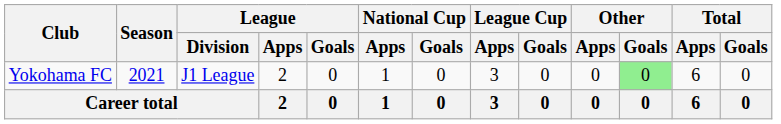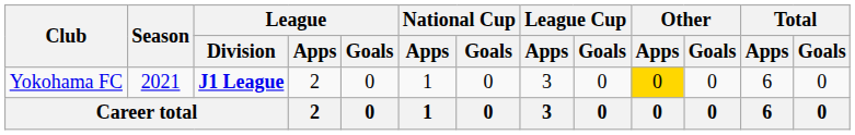 <table class="wikitable" style="text-align: center">
 <tr>
 <th rowspan="2">Club</th>
 <th rowspan="2">Season</th>
 <th colspan="3">League</th>
 <th colspan="2">National Cup</th>
 <th colspan="2">League Cup</th>
 <th colspan="2">Other</th>
 <th colspan="2">Total</th>
 </tr>
 <tr>
 <th>Division</th>
 <th>Apps</th>
 <th>Goals</th>
 <th>Apps</th>
 <th>Goals</th>
 <th>Apps</th>
 <th>Goals</th>
 <th>Apps</th>
 <th>Goals</th>
 <th>Apps</th>
 <th>Goals</th>
 </tr>
 <tr>
 <td><a href='#'>Yokohama FC</a></td>
 <td><a href='#'>2021</a></td>
-<td><a href='#'>J1 League</a></td>
+<td><strong><a href='#'>J1 League</a></strong></td>
 <td>2</td>
 <td>0</td>
 <td>1</td>
 <td>0</td>
 <td>3</td>
 <td>0</td>
+<td style="background: gold;">0</td>
 <td>0</td>
-<td style="background: lightgreen;">0</td>
 <td>6</td>
 <td>0</td>
 </tr>
 <tr>
 <th colspan=3>Career total</th>
 <th>2</th>
 <th>0</th>
 <th>1</th>
 <th>0</th>
 <th>3</th>
 <th>0</th>
 <th>0</th>
 <th>0</th>
 <th>6</th>
 <th>0</th>
 </tr>
 </table>
